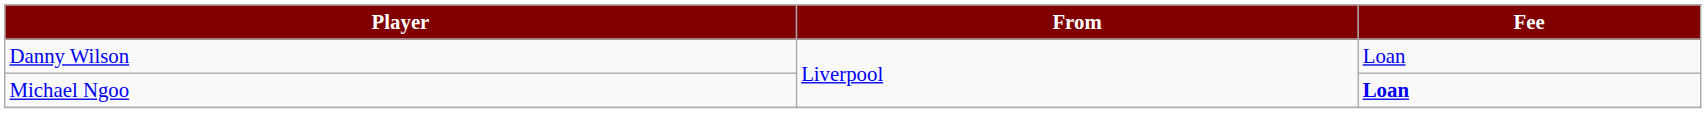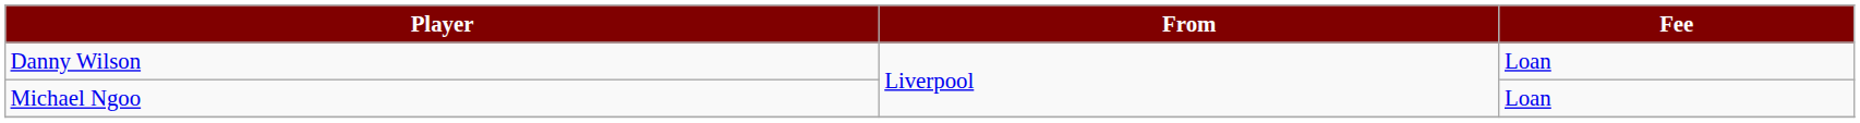 <table class="wikitable" style="text-align:left; font-size:95%;width:98%;">
 <tr>
 <th style="background:maroon; color:white;">Player</th>
 <th style="background:maroon; color:white;">From</th>
 <th style="background:maroon; color:white;">Fee</th>
 </tr>
 <tr>
 <td> <a href='#'>Danny Wilson</a></td>
 <td rowspan=2> <a href='#'>Liverpool</a></td>
 <td><a href='#'>Loan</a></td>
 </tr>
 <tr>
 <td> <a href='#'>Michael Ngoo</a></td>
-<td><strong><a href='#'>Loan</a></strong></td>
+<td><a href='#'>Loan</a></td>
 </tr>
 <tr>
 </tr>
 </table>
